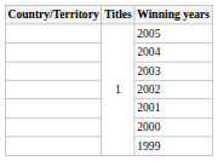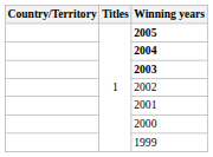 <table class="wikitable sortable" style="margin: 1em 1em 1em 0; background: #FFFFFF; border: 1px #aaa solid; border-collapse: collapse; font-size: 92%;">
 <tr>
 <th>Country/Territory</th>
 <th>Titles</th>
 <th>Winning years</th>
 </tr>
 <tr>
 <td></td>
 <td rowspan="7" align="center">1</td>
-<td>2005</td>
+<td><strong>2005</strong></td>
 </tr>
 <tr>
 <td></td>
-<td>2004</td>
+<td><strong>2004</strong></td>
 </tr>
 <tr>
 <td></td>
-<td>2003</td>
+<td><strong>2003</strong></td>
 </tr>
 <tr>
 <td></td>
 <td>2002</td>
 </tr>
 <tr>
 <td></td>
 <td>2001</td>
 </tr>
 <tr>
 <td></td>
 <td>2000</td>
 </tr>
 <tr>
 <td></td>
 <td>1999</td>
 </tr>
 </table>
